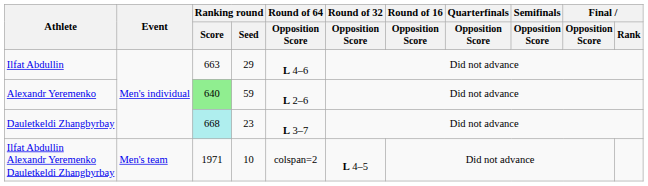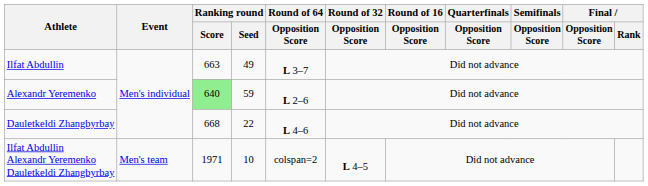 <table class="wikitable" style="font-size:90%; text-align:center">
 <tr>
 <th rowspan=2>Athlete</th>
 <th rowspan=2>Event</th>
 <th colspan="2">Ranking round</th>
 <th>Round of 64</th>
 <th>Round of 32</th>
 <th>Round of 16</th>
 <th>Quarterfinals</th>
 <th>Semifinals</th>
 <th colspan="2">Final / </th>
 </tr>
 <tr style="font-size:95%">
 <th>Score</th>
 <th>Seed</th>
 <th>Opposition<br>Score</th>
 <th>Opposition<br>Score</th>
 <th>Opposition<br>Score</th>
 <th>Opposition<br>Score</th>
 <th>Opposition<br>Score</th>
 <th>Opposition<br>Score</th>
 <th>Rank</th>
 </tr>
 <tr align=center>
 <td align=left><a href='#'>Ilfat Abdullin</a></td>
 <td align=left rowspan=3><a href='#'>Men's individual</a></td>
 <td>663</td>
-<td>29</td>
-<td><br><strong>L</strong> 4–6</td>
+<td>49</td>
+<td><br><strong>L</strong> 3–7</td>
 <td colspan="6" align="center">Did not advance</td>
 </tr>
 <tr align=center>
 <td align=left><a href='#'>Alexandr Yeremenko</a></td>
 <td style="background: lightgreen;">640</td>
 <td>59</td>
 <td><br><strong>L</strong> 2–6</td>
 <td colspan="6" align="center">Did not advance</td>
 </tr>
 <tr align=center>
 <td align=left><a href='#'>Dauletkeldi Zhangbyrbay</a></td>
-<td style="background: paleturquoise;">668</td>
-<td>23</td>
-<td><br><strong>L</strong> 3–7</td>
+<td>668</td>
+<td>22</td>
+<td><br><strong>L</strong> 4–6</td>
 <td colspan="6" align="center">Did not advance</td>
 </tr>
 <tr align=center>
 <td align=left><a href='#'>Ilfat Abdullin</a><br><a href='#'>Alexandr Yeremenko</a><br><a href='#'>Dauletkeldi Zhangbyrbay</a></td>
 <td align=left><a href='#'>Men's team</a></td>
 <td>1971</td>
 <td>10</td>
 <td>colspan=2 </td>
 <td><br><strong>L</strong> 4–5</td>
 <td colspan="4" align="center">Did not advance</td>
 </tr>
 </table>
